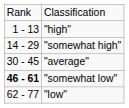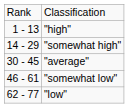 <table class="wikitable" ---valign=top>
 <tr>
 <td>Rank</td>
 <td>Classification</td>
 </tr>
 <tr>
 <td>  1 - 13</td>
 <td>"high"</td>
 </tr>
 <tr>
 <td>14 - 29</td>
 <td>"somewhat high"</td>
 </tr>
 <tr>
 <td>30 - 45</td>
 <td>"average"</td>
 </tr>
 <tr>
-<td><strong>46 - 61</strong></td>
+<td>46 - 61</td>
 <td>"somewhat low"</td>
 </tr>
 <tr>
 <td>62 - 77</td>
 <td>"low"</td>
 </tr>
 </table>
